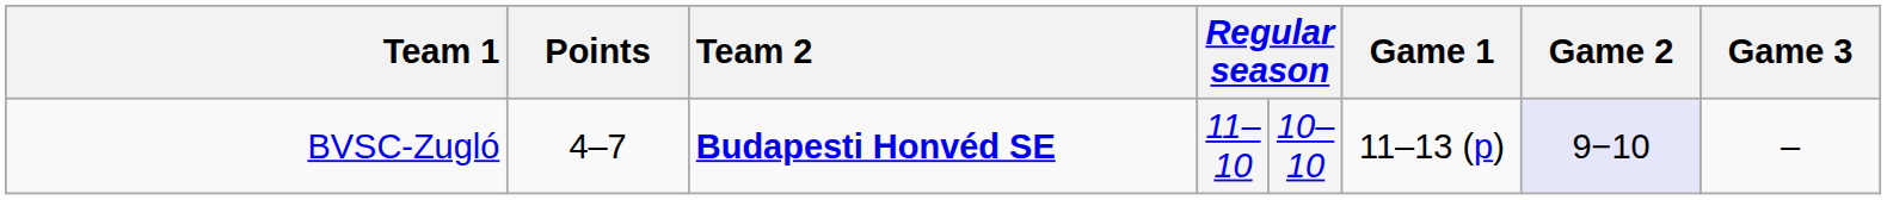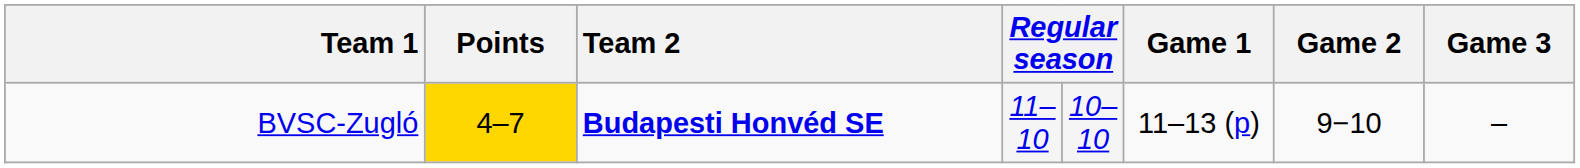 <table class=wikitable style="text-align:center">
 <tr>
 <th style="width:250px; text-align:right;">Team 1</th>
 <th style="width:80px;">Points</th>
 <th style="width:250px; text-align:left;">Team 2</th>
 <th colspan=2; style="width:170px;"><em><a href='#'>Regular season</a></em></th>
 <th style="width:80px;">Game 1</th>
 <th style="width:80px;">Game 2</th>
 <th style="width:80px;">Game 3</th>
 </tr>
 <tr>
 <td style="text-align:right;"><a href='#'>BVSC-Zugló</a></td>
-<td>4–7</td>
+<td style="background: gold;">4–7</td>
 <td style="text-align:left;"><strong><a href='#'>Budapesti Honvéd SE</a></strong></td>
 <td bgcolor=#f5f5f5><em><a href='#'>11–10</a></em></td>
 <td bgcolor=#f5f5f5><em><a href='#'>10–10</a></em></td>
 <td>11–13 (<a href='#'>p</a>)</td>
-<td style="background: lavender;">9−10</td>
+<td>9−10</td>
 <td>–</td>
 </tr>
 </table>
